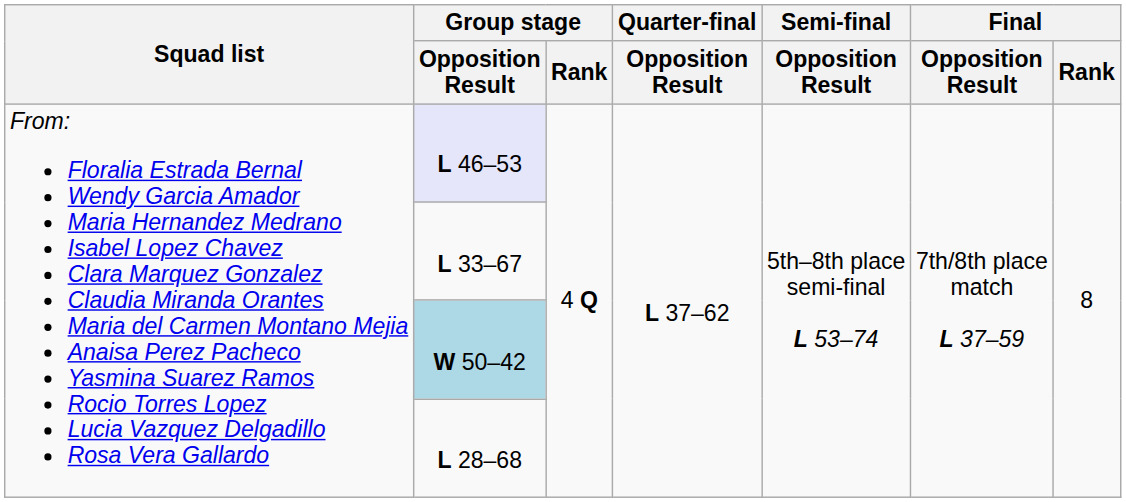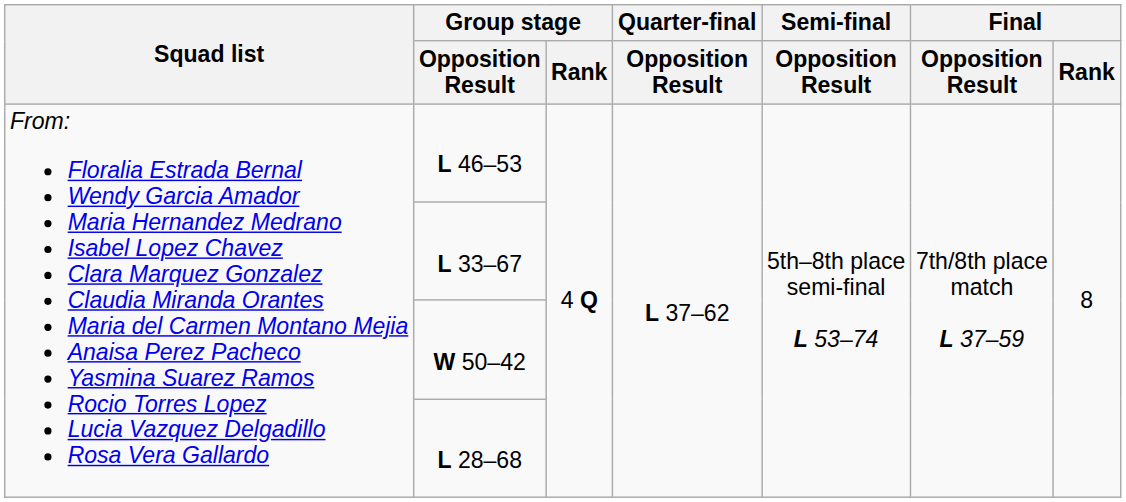 <table class=wikitable>
 <tr>
 <th rowspan="2">Squad list</th>
 <th colspan="2">Group stage</th>
 <th>Quarter-final</th>
 <th>Semi-final</th>
 <th colspan="2">Final</th>
 </tr>
 <tr>
 <th>Opposition<br>Result</th>
 <th>Rank</th>
 <th>Opposition<br>Result</th>
 <th>Opposition<br>Result</th>
 <th>Opposition<br>Result</th>
 <th>Rank</th>
 </tr>
 <tr>
 <td rowspan="4"><em>From:<br><ul><li><a href='#'>Floralia Estrada Bernal</a></li><li><a href='#'>Wendy Garcia Amador</a></li><li><a href='#'>Maria Hernandez Medrano</a></li><li><a href='#'>Isabel Lopez Chavez</a></li><li><a href='#'>Clara Marquez Gonzalez</a></li><li><a href='#'>Claudia Miranda Orantes</a></li><li><a href='#'>Maria del Carmen Montano Mejia</a></li><li><a href='#'>Anaisa Perez Pacheco</a></li><li><a href='#'>Yasmina Suarez Ramos</a></li><li><a href='#'>Rocio Torres Lopez</a></li><li><a href='#'>Lucia Vazquez Delgadillo</a></li><li><a href='#'>Rosa Vera Gallardo</a></li></ul></td>
-<td align="center" style="background: lavender;"><br><strong>L</strong> 46–53</td>
+<td align="center"><br><strong>L</strong> 46–53</td>
 <td align="center" rowspan="4">4 <strong>Q</strong></td>
 <td align="center" rowspan="4"><br><strong>L</strong> 37–62</td>
 <td align="center" rowspan="4"></em>5th–8th place<br>semi-final<em><br><br><strong>L</strong> 53–74</td>
 <td align="center" rowspan="4"></em>7th/8th place<br>match<em><br><br><strong>L</strong> 37–59</td>
 <td align="center" rowspan="4">8</td>
 </tr>
 <tr>
 <td align="center"><br><strong>L</strong> 33–67</td>
 </tr>
 <tr>
-<td align="center" style="background: lightblue;"><br><strong>W</strong> 50–42</td>
+<td align="center"><br><strong>W</strong> 50–42</td>
 </tr>
 <tr>
 <td align="center"><br><strong>L</strong> 28–68</td>
 </tr>
 </table>
